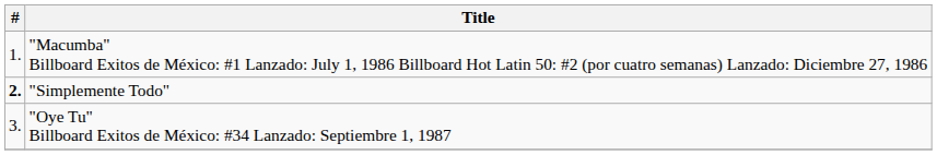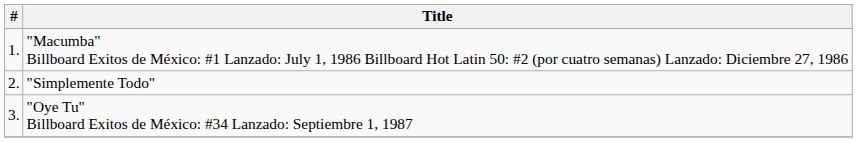 <table class="wikitable">
 <tr>
 <th>#</th>
 <th>Title</th>
 </tr>
 <tr>
 <td>1.</td>
 <td>"Macumba"<br>Billboard Exitos de México: #1  Lanzado: July 1, 1986 Billboard Hot Latin 50: #2 (por cuatro semanas)  Lanzado: Diciembre 27, 1986</td>
 </tr>
 <tr>
-<td><strong>2.</strong></td>
+<td>2.</td>
 <td>"Simplemente Todo"</td>
 </tr>
 <tr>
 <td>3.</td>
 <td>"Oye Tu"<br>Billboard Exitos de México: #34  Lanzado: Septiembre 1, 1987</td>
 </tr>
 <tr>
 </tr>
 </table>
